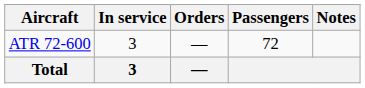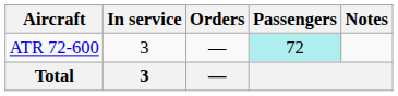 <table class="wikitable" style="border-collapse:collapse;text-align:center;margin:auto;">
 <tr>
 <th>Aircraft</th>
 <th>In service</th>
 <th>Orders</th>
 <th>Passengers</th>
 <th>Notes</th>
 </tr>
 <tr>
 <td><a href='#'>ATR 72-600</a></td>
 <td>3</td>
 <td>—</td>
-<td>72</td>
+<td style="background: paleturquoise;">72</td>
 <td></td>
 </tr>
 <tr>
 <th>Total</th>
 <th>3</th>
 <th>—</th>
 <th colspan="2"></th>
 </tr>
 </table>
